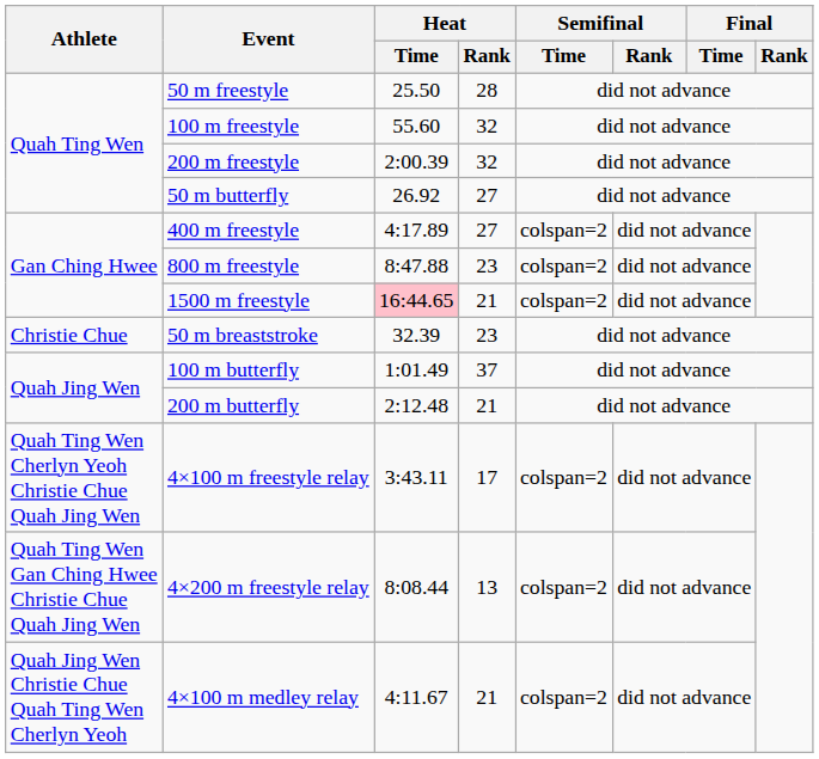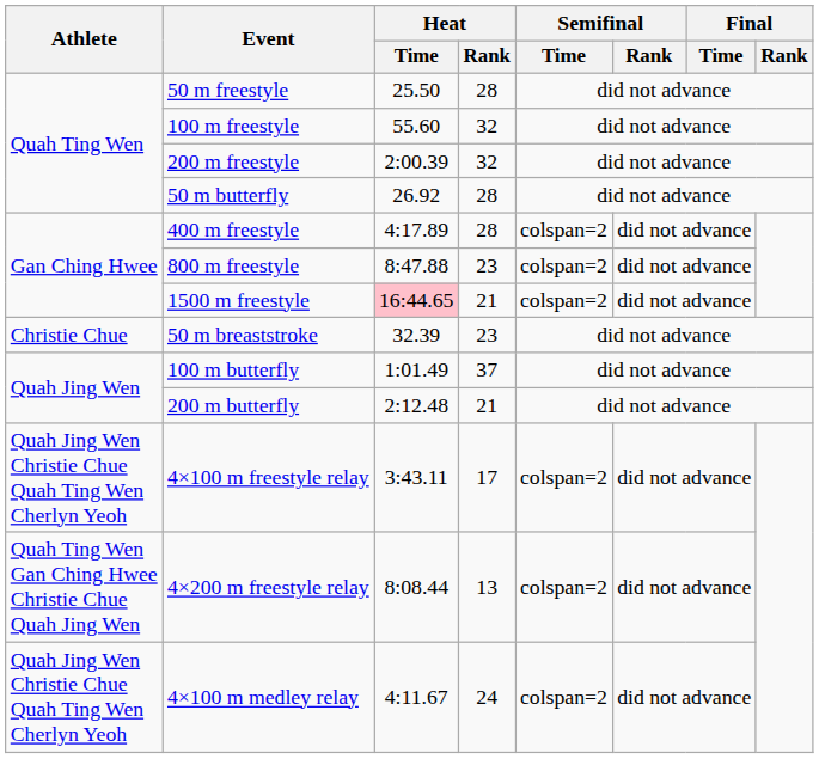 <table class="wikitable" style="text-align:center; font-size:90%">
 <tr>
 <th rowspan="2">Athlete</th>
 <th rowspan="2">Event</th>
 <th colspan="2">Heat</th>
 <th colspan="2">Semifinal</th>
 <th colspan="2">Final</th>
 </tr>
 <tr style="font-size:95%">
 <th>Time</th>
 <th>Rank</th>
 <th>Time</th>
 <th>Rank</th>
 <th>Time</th>
 <th>Rank</th>
 </tr>
 <tr>
 <td align=left rowspan=4><a href='#'>Quah Ting Wen</a></td>
 <td align=left><a href='#'>50 m freestyle</a></td>
 <td>25.50</td>
 <td>28</td>
 <td colspan=4>did not advance</td>
 </tr>
 <tr>
 <td align=left><a href='#'>100 m freestyle</a></td>
 <td>55.60</td>
 <td>32</td>
 <td colspan=4>did not advance</td>
 </tr>
 <tr>
 <td align=left><a href='#'>200 m freestyle</a></td>
 <td>2:00.39</td>
 <td>32</td>
 <td colspan=4>did not advance</td>
 </tr>
 <tr>
 <td align=left><a href='#'>50 m butterfly</a></td>
 <td>26.92</td>
-<td>27</td>
+<td>28</td>
 <td colspan=4>did not advance</td>
 </tr>
 <tr>
 <td align=left rowspan=3><a href='#'>Gan Ching Hwee</a></td>
 <td align=left><a href='#'>400 m freestyle</a></td>
 <td>4:17.89</td>
-<td>27</td>
+<td>28</td>
 <td>colspan=2 </td>
 <td colspan=2>did not advance</td>
 </tr>
 <tr>
 <td align=left><a href='#'>800 m freestyle</a></td>
 <td>8:47.88</td>
 <td>23</td>
 <td>colspan=2 </td>
 <td colspan=2>did not advance</td>
 </tr>
 <tr>
 <td align=left><a href='#'>1500 m freestyle</a></td>
 <td style="background: pink;">16:44.65</td>
 <td>21</td>
 <td>colspan=2 </td>
 <td colspan=2>did not advance</td>
 </tr>
 <tr>
 <td align=left rowspan=><a href='#'>Christie Chue</a></td>
 <td align=left><a href='#'>50 m breaststroke</a></td>
 <td>32.39</td>
 <td>23</td>
 <td colspan=4>did not advance</td>
 </tr>
 <tr>
 <td align=left rowspan=2><a href='#'>Quah Jing Wen</a></td>
 <td align=left><a href='#'>100 m butterfly</a></td>
 <td>1:01.49</td>
 <td>37</td>
 <td colspan=4>did not advance</td>
 </tr>
 <tr>
 <td align=left><a href='#'>200 m butterfly</a></td>
 <td>2:12.48</td>
 <td>21</td>
 <td colspan=4>did not advance</td>
 </tr>
 <tr>
-<td align=left><a href='#'>Quah Ting Wen</a><br><a href='#'>Cherlyn Yeoh</a><br><a href='#'>Christie Chue</a><br><a href='#'>Quah Jing Wen</a></td>
+<td align=left><a href='#'>Quah Jing Wen</a><br><a href='#'>Christie Chue</a><br><a href='#'>Quah Ting Wen</a><br><a href='#'>Cherlyn Yeoh</a></td>
 <td align=left><a href='#'>4×100 m freestyle relay</a></td>
 <td>3:43.11</td>
 <td>17</td>
 <td>colspan=2 </td>
 <td colspan=2>did not advance</td>
 </tr>
 <tr>
 <td align=left><a href='#'>Quah Ting Wen</a><br><a href='#'>Gan Ching Hwee</a><br><a href='#'>Christie Chue</a><br><a href='#'>Quah Jing Wen</a></td>
 <td align=left><a href='#'>4×200 m freestyle relay</a></td>
 <td>8:08.44</td>
 <td>13</td>
 <td>colspan=2 </td>
 <td colspan=2>did not advance</td>
 </tr>
 <tr>
 <td align=left><a href='#'>Quah Jing Wen</a><br><a href='#'>Christie Chue</a><br><a href='#'>Quah Ting Wen</a><br><a href='#'>Cherlyn Yeoh</a></td>
 <td align=left><a href='#'>4×100 m medley relay</a></td>
 <td>4:11.67</td>
-<td>21</td>
+<td>24</td>
 <td>colspan=2 </td>
 <td colspan=2>did not advance</td>
 </tr>
 </table>
